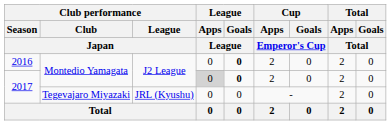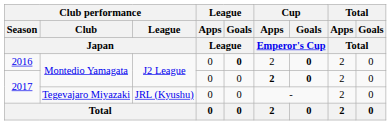 <table class="wikitable" style="text-align:center;">
 <tr>
 <th colspan=3>Club performance</th>
 <th colspan=2>League</th>
 <th colspan=2>Cup</th>
 <th colspan=2>Total</th>
 </tr>
 <tr>
 <th>Season</th>
 <th>Club</th>
 <th>League</th>
 <th>Apps</th>
 <th>Goals</th>
 <th>Apps</th>
 <th>Goals</th>
 <th>Apps</th>
 <th>Goals</th>
 </tr>
 <tr>
 <th colspan=3>Japan</th>
 <th colspan=2>League</th>
 <th colspan=2><a href='#'>Emperor's Cup</a></th>
 <th colspan=2>Total</th>
 </tr>
 <tr>
 <td><a href='#'>2016</a></td>
 <td rowspan="2"><a href='#'>Montedio Yamagata</a></td>
 <td rowspan="2"><a href='#'>J2 League</a></td>
 <td>0</td>
 <td><strong>0</strong></td>
 <td>2</td>
-<td>0</td>
+<td><strong>0</strong></td>
 <td>2</td>
 <td>0</td>
 </tr>
 <tr>
 <td rowspan="2"><a href='#'>2017</a></td>
-<td style="background: lightgrey;">0</td>
+<td>0</td>
+<td>0</td>
+<td><strong>2</strong></td>
 <td><strong>0</strong></td>
-<td>2</td>
-<td>0</td>
 <td>2</td>
 <td>0</td>
 </tr>
 <tr>
 <td><a href='#'>Tegevajaro Miyazaki</a></td>
 <td><a href='#'>JRL (Kyushu)</a></td>
 <td>0</td>
 <td>0</td>
 <td colspan="2">-</td>
 <td>2</td>
 <td>0</td>
 </tr>
 <tr>
 <th colspan=3>Total</th>
 <th>0</th>
 <th>0</th>
 <th>2</th>
 <th>0</th>
 <th>2</th>
 <th>0</th>
 </tr>
 </table>
